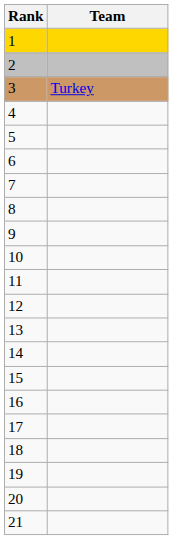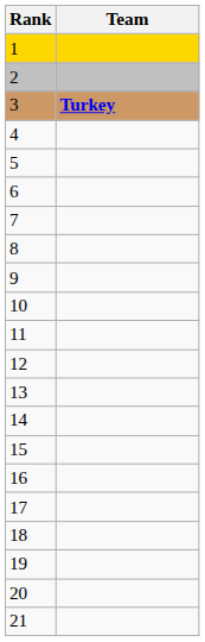 <table class=wikitable>
 <tr>
 <th width=20>Rank</th>
 <th width=120>Team</th>
 </tr>
 <tr bgcolor=gold>
 <td>1</td>
 <td></td>
 </tr>
 <tr bgcolor=silver>
 <td>2</td>
 <td></td>
 </tr>
 <tr bgcolor=#c96>
 <td>3</td>
-<td> <a href='#'>Turkey</a></td>
+<td><strong> <a href='#'>Turkey</a></strong></td>
 </tr>
 <tr>
 <td>4</td>
 <td></td>
 </tr>
 <tr>
 <td>5</td>
 <td></td>
 </tr>
 <tr>
 <td>6</td>
 <td></td>
 </tr>
 <tr>
 <td>7</td>
 <td></td>
 </tr>
 <tr>
 <td>8</td>
 <td></td>
 </tr>
 <tr>
 <td>9</td>
 <td></td>
 </tr>
 <tr>
 <td>10</td>
 <td></td>
 </tr>
 <tr>
 <td>11</td>
 <td></td>
 </tr>
 <tr>
 <td>12</td>
 <td></td>
 </tr>
 <tr>
 <td>13</td>
 <td></td>
 </tr>
 <tr>
 <td>14</td>
 <td></td>
 </tr>
 <tr>
 <td>15</td>
 <td></td>
 </tr>
 <tr>
 <td>16</td>
 <td></td>
 </tr>
 <tr>
 <td>17</td>
 <td></td>
 </tr>
 <tr>
 <td>18</td>
 <td></td>
 </tr>
 <tr>
 <td>19</td>
 <td></td>
 </tr>
 <tr>
 <td>20</td>
 <td></td>
 </tr>
 <tr>
 <td>21</td>
 <td></td>
 </tr>
 </table>
